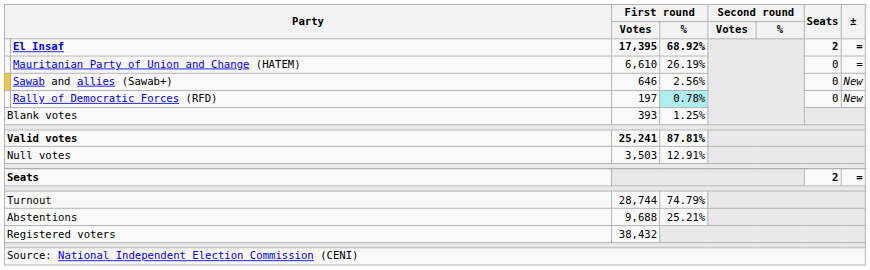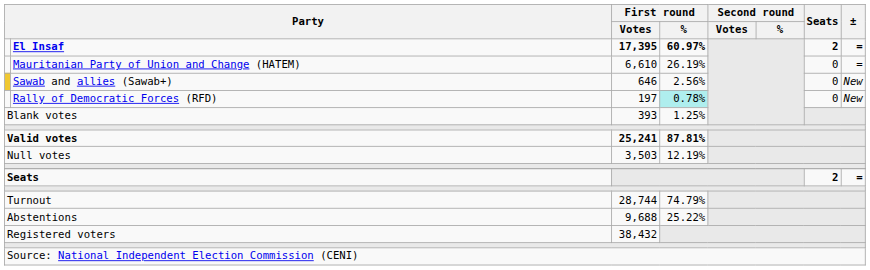 <table class="wikitable" style="text-align:right;font-size:95%;">
 <tr>
 <th rowspan="2" colspan="2" width="700">Party</th>
 <th colspan="2">First round</th>
 <th colspan="2">Second round</th>
 <th rowspan="2" width="25">Seats</th>
 <th rowspan="2" width="20">±</th>
 </tr>
 <tr>
 <th width="50">Votes</th>
 <th width="50">%</th>
 <th width="50">Votes</th>
 <th width="50">%</th>
 </tr>
 <tr>
 <td width="1" style="color:inherit;background:"></td>
 <td style="text-align:left;"><strong><a href='#'>El Insaf</a></strong></td>
 <td><strong>17,395</strong></td>
-<td><strong>68.92%</strong></td>
+<td><strong>60.97%</strong></td>
 <td colspan="2" rowspan="5" style="background:#E9E9E9;"></td>
 <td><strong>2</strong></td>
 <td><strong>=</strong></td>
 </tr>
 <tr>
 <td width="1" style="color:inherit;background:"></td>
 <td style="text-align:left;"><a href='#'>Mauritanian Party of Union and Change</a> (HATEM)</td>
 <td>6,610</td>
 <td>26.19%</td>
 <td>0</td>
 <td>=</td>
 </tr>
 <tr>
 <td width="1" style="color:inherit;background:#F0C832;"></td>
 <td style="text-align:left;"><a href='#'>Sawab</a> and <a href='#'>allies</a> (Sawab+)</td>
 <td>646</td>
 <td>2.56%</td>
 <td>0</td>
 <td><em>New</em></td>
 </tr>
 <tr>
 <td width="1" style="color:inherit;background:"></td>
 <td style="text-align:left;"><a href='#'>Rally of Democratic Forces</a> (RFD)</td>
 <td>197</td>
 <td style="background: paleturquoise;">0.78%</td>
 <td>0</td>
 <td><em>New</em></td>
 </tr>
 <tr>
 <td colspan="2" style="text-align:left;">Blank votes</td>
 <td>393</td>
 <td>1.25%</td>
 <td colspan="4" style="background:#E9E9E9;"></td>
 </tr>
 <tr>
 <td colspan="8" style="background:#E9E9E9;"></td>
 </tr>
 <tr style="font-weight:bold;">
 <td colspan="2" style="text-align:left;">Valid votes</td>
 <td>25,241</td>
 <td>87.81%</td>
 <td colspan="4" style="background:#E9E9E9;"></td>
 </tr>
 <tr>
 <td colspan="2" style="text-align:left;">Null votes</td>
 <td>3,503</td>
-<td>12.91%</td>
+<td>12.19%</td>
 <td colspan="4" style="background:#E9E9E9;"></td>
 </tr>
 <tr>
 <td colspan="8" style="background:#E9E9E9;"></td>
 </tr>
 <tr>
 </tr>
 <tr style="font-weight:bold;">
 <td colspan="2" style="text-align:left;">Seats</td>
 <td colspan="4" style="background:#E9E9E9;"></td>
 <td>2</td>
 <td>=</td>
 </tr>
 <tr>
 <td colspan="8" style="background:#E9E9E9;"></td>
 </tr>
 <tr>
 <td colspan="2" style="text-align:left;">Turnout</td>
 <td>28,744</td>
 <td>74.79%</td>
 <td colspan="4" style="background:#E9E9E9;"></td>
 </tr>
 <tr>
 <td colspan="2" style="text-align:left;">Abstentions</td>
 <td>9,688</td>
-<td>25.21%</td>
+<td>25.22%</td>
 <td colspan="4" style="background:#E9E9E9;"></td>
 </tr>
 <tr>
 <td colspan="2" style="text-align:left;">Registered voters</td>
 <td>38,432</td>
 <td colspan="5" style="background:#E9E9E9;"></td>
 </tr>
 <tr>
 <td colspan="8" style="background:#E9E9E9;"></td>
 </tr>
 <tr>
 <td colspan="8" style="text-align:left;">Source: <a href='#'>National Independent Election Commission</a> (CENI)</td>
 </tr>
 </table>
